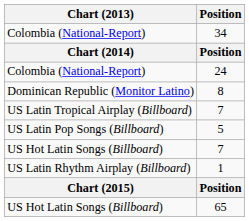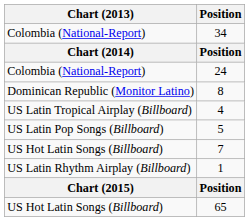 <table class="wikitable">
 <tr>
 <th scope="col">Chart (2013)</th>
 <th scope="col">Position</th>
 </tr>
 <tr>
 <td>Colombia (<a href='#'>National-Report</a>) </td>
 <td style="text-align:center;">34</td>
 </tr>
 <tr>
 <th scope="col">Chart (2014)</th>
 <th scope="col">Position</th>
 </tr>
 <tr>
 <td>Colombia (<a href='#'>National-Report</a>) </td>
 <td style="text-align:center;">24</td>
 </tr>
 <tr>
 <td>Dominican Republic (<a href='#'>Monitor Latino</a>) </td>
 <td style="text-align:center;">8</td>
 </tr>
 <tr>
 <td>US Latin Tropical Airplay (<em>Billboard</em>)</td>
-<td style="text-align:center;">7</td>
+<td style="text-align:center;">4</td>
 </tr>
 <tr>
 <td>US Latin Pop Songs (<em>Billboard</em>)</td>
 <td style="text-align:center;">5</td>
 </tr>
 <tr>
 <td>US Hot Latin Songs (<em>Billboard</em>)</td>
 <td style="text-align:center;">7</td>
 </tr>
 <tr>
 <td>US Latin Rhythm Airplay (<em>Billboard</em>)</td>
 <td style="text-align:center;">1</td>
 </tr>
 <tr>
 <th scope="col">Chart (2015)</th>
 <th scope="col">Position</th>
 </tr>
 <tr>
 <td>US Hot Latin Songs (<em>Billboard</em>)</td>
 <td style="text-align:center;">65</td>
 </tr>
 </table>
